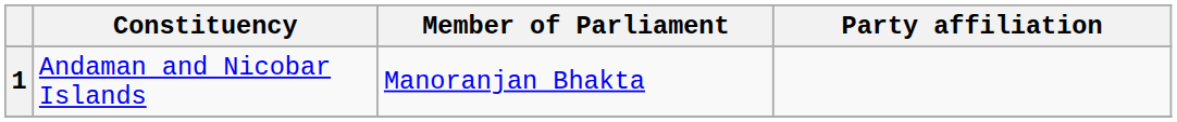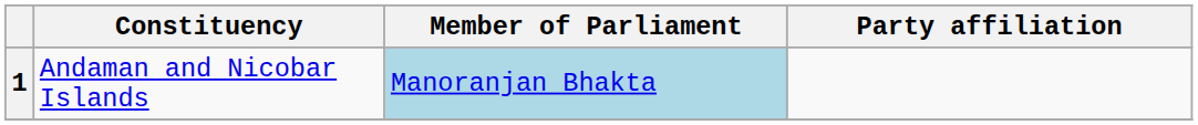 <table class="wikitable sortable">
 <tr style="text-align:center;">
 <th></th>
 <th style="width:13em">Constituency</th>
 <th style="width:15em">Member of Parliament</th>
 <th colspan="2" style="width:15em">Party affiliation</th>
 </tr>
 <tr>
 <th>1</th>
 <td><a href='#'>Andaman and Nicobar Islands</a></td>
-<td><a href='#'>Manoranjan Bhakta</a></td>
+<td style="background: lightblue;"><a href='#'>Manoranjan Bhakta</a></td>
 <td></td>
 </tr>
 <tr>
 </tr>
 </table>
